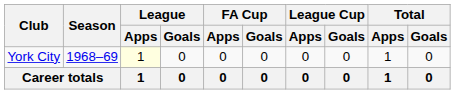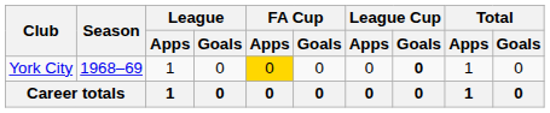 <table class="wikitable" style="text-align: center;">
 <tr>
 <th rowspan="2">Club</th>
 <th rowspan="2">Season</th>
 <th colspan="2">League</th>
 <th colspan="2">FA Cup</th>
 <th colspan="2">League Cup</th>
 <th colspan="2">Total</th>
 </tr>
 <tr>
 <th>Apps</th>
 <th>Goals</th>
 <th>Apps</th>
 <th>Goals</th>
 <th>Apps</th>
 <th>Goals</th>
 <th>Apps</th>
 <th>Goals</th>
 </tr>
 <tr>
 <td rowspan="1" valign="center"><a href='#'>York City</a></td>
 <td><a href='#'>1968–69</a></td>
-<td style="background: lightyellow;">1</td>
+<td>1</td>
+<td>0</td>
+<td style="background: gold;">0</td>
 <td>0</td>
 <td>0</td>
-<td>0</td>
-<td>0</td>
-<td>0</td>
+<td><strong>0</strong></td>
 <td>1</td>
 <td>0</td>
 </tr>
 <tr>
 <th colspan="2">Career totals</th>
 <th>1</th>
 <th>0</th>
 <th>0</th>
 <th>0</th>
 <th>0</th>
 <th>0</th>
 <th>1</th>
 <th>0</th>
 </tr>
 </table>
